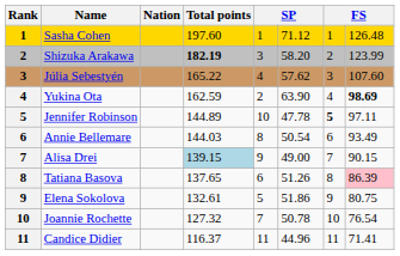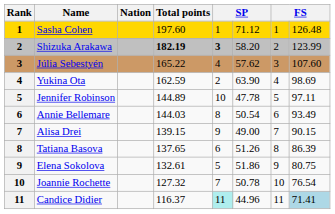 <table class="wikitable">
 <tr>
 <th>Rank</th>
 <th>Name</th>
 <th>Nation</th>
 <th>Total points</th>
 <th colspan="2" width="80px"><a href='#'>SP</a></th>
 <th colspan="2" width="80px"><a href='#'>FS</a></th>
 </tr>
 <tr bgcolor="gold">
 <td align="center"><strong>1</strong></td>
 <td><a href='#'>Sasha Cohen</a></td>
 <td></td>
 <td>197.60</td>
 <td>1</td>
 <td>71.12</td>
 <td>1</td>
 <td>126.48</td>
 </tr>
 <tr bgcolor="silver">
 <td align="center"><strong>2</strong></td>
 <td><a href='#'>Shizuka Arakawa</a></td>
 <td></td>
 <td><strong>182.19</strong></td>
-<td>3</td>
+<td><strong>3</strong></td>
 <td>58.20</td>
 <td>2</td>
 <td>123.99</td>
 </tr>
 <tr bgcolor="cc9966">
 <td align="center"><strong>3</strong></td>
 <td><a href='#'>Júlia Sebestyén</a></td>
 <td></td>
 <td>165.22</td>
 <td>4</td>
 <td>57.62</td>
 <td>3</td>
 <td>107.60</td>
 </tr>
 <tr>
 <th>4</th>
 <td><a href='#'>Yukina Ota</a></td>
 <td></td>
 <td>162.59</td>
 <td>2</td>
 <td>63.90</td>
 <td>4</td>
-<td><strong>98.69</strong></td>
+<td>98.69</td>
 </tr>
 <tr>
 <th>5</th>
 <td><a href='#'>Jennifer Robinson</a></td>
 <td></td>
 <td>144.89</td>
 <td>10</td>
 <td>47.78</td>
-<td><strong>5</strong></td>
+<td>5</td>
 <td>97.11</td>
 </tr>
 <tr>
 <th>6</th>
 <td><a href='#'>Annie Bellemare</a></td>
 <td></td>
 <td>144.03</td>
 <td>8</td>
 <td>50.54</td>
 <td>6</td>
 <td>93.49</td>
 </tr>
 <tr>
 <th>7</th>
 <td><a href='#'>Alisa Drei</a></td>
 <td></td>
-<td style="background: lightblue;">139.15</td>
+<td>139.15</td>
 <td>9</td>
 <td>49.00</td>
 <td>7</td>
 <td>90.15</td>
 </tr>
 <tr>
 <th>8</th>
 <td><a href='#'>Tatiana Basova</a></td>
 <td></td>
 <td>137.65</td>
 <td>6</td>
 <td>51.26</td>
 <td>8</td>
-<td style="background: pink;">86.39</td>
+<td>86.39</td>
 </tr>
 <tr>
 <th>9</th>
 <td><a href='#'>Elena Sokolova</a></td>
 <td></td>
 <td>132.61</td>
 <td>5</td>
 <td>51.86</td>
 <td>9</td>
 <td>80.75</td>
 </tr>
 <tr>
 <th>10</th>
 <td><a href='#'>Joannie Rochette</a></td>
 <td></td>
 <td>127.32</td>
 <td>7</td>
 <td>50.78</td>
 <td>10</td>
 <td>76.54</td>
 </tr>
 <tr>
 <th>11</th>
 <td><a href='#'>Candice Didier</a></td>
 <td></td>
 <td>116.37</td>
-<td>11</td>
+<td style="background: paleturquoise;">11</td>
 <td>44.96</td>
 <td>11</td>
-<td>71.41</td>
+<td style="background: lightblue;">71.41</td>
 </tr>
 </table>
